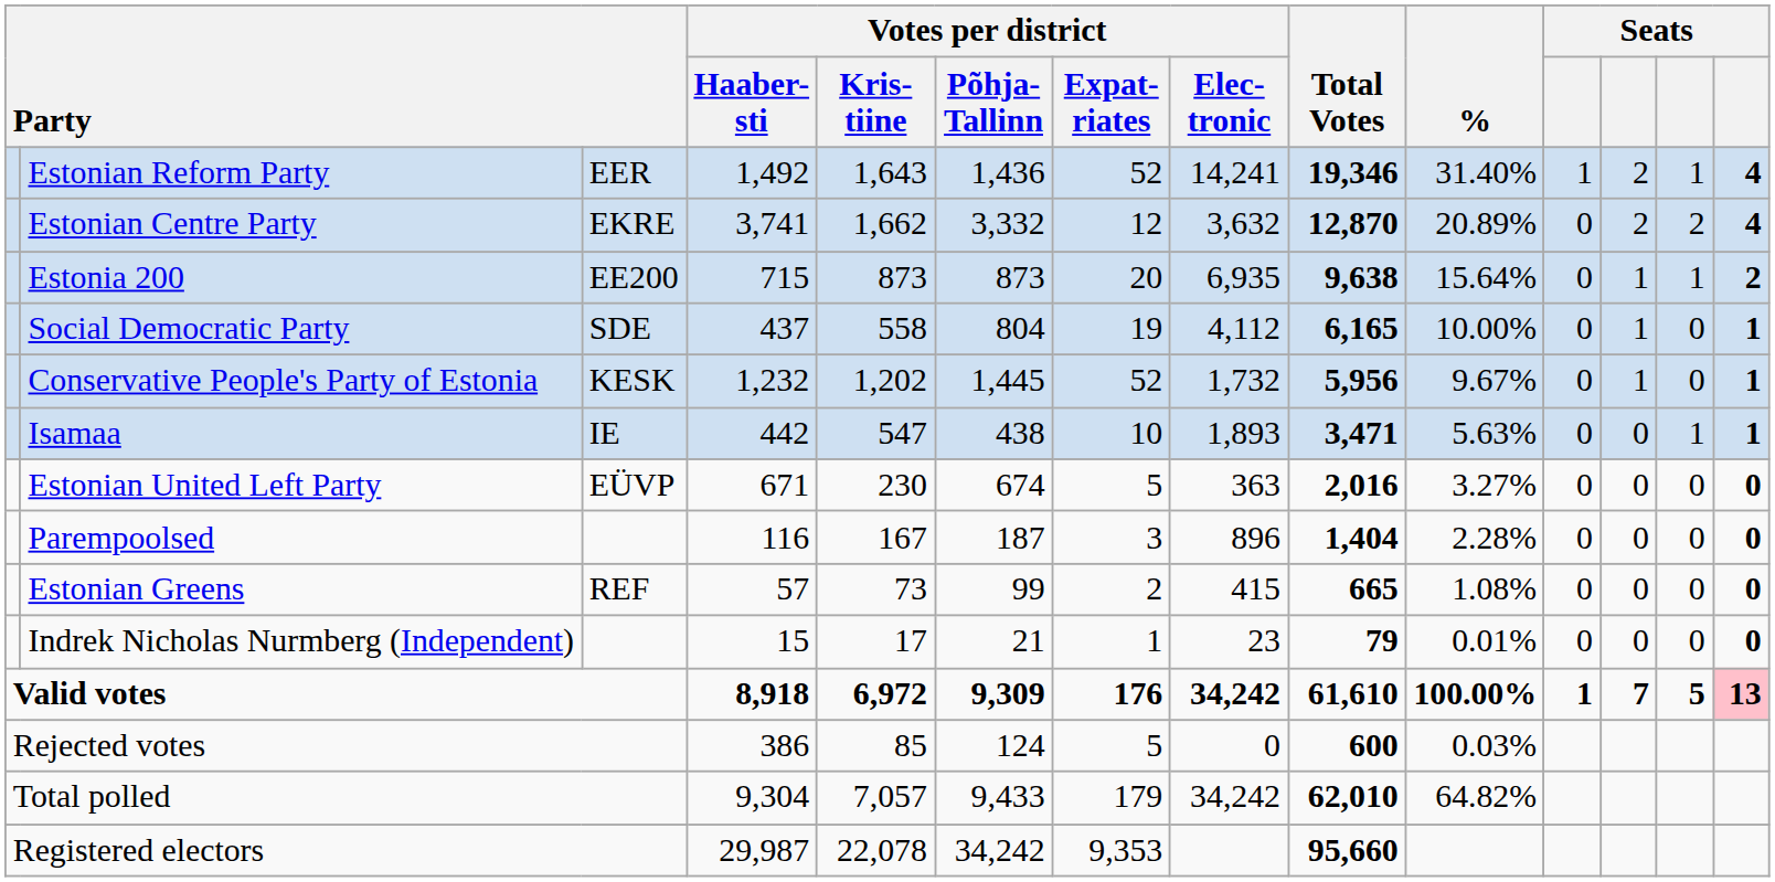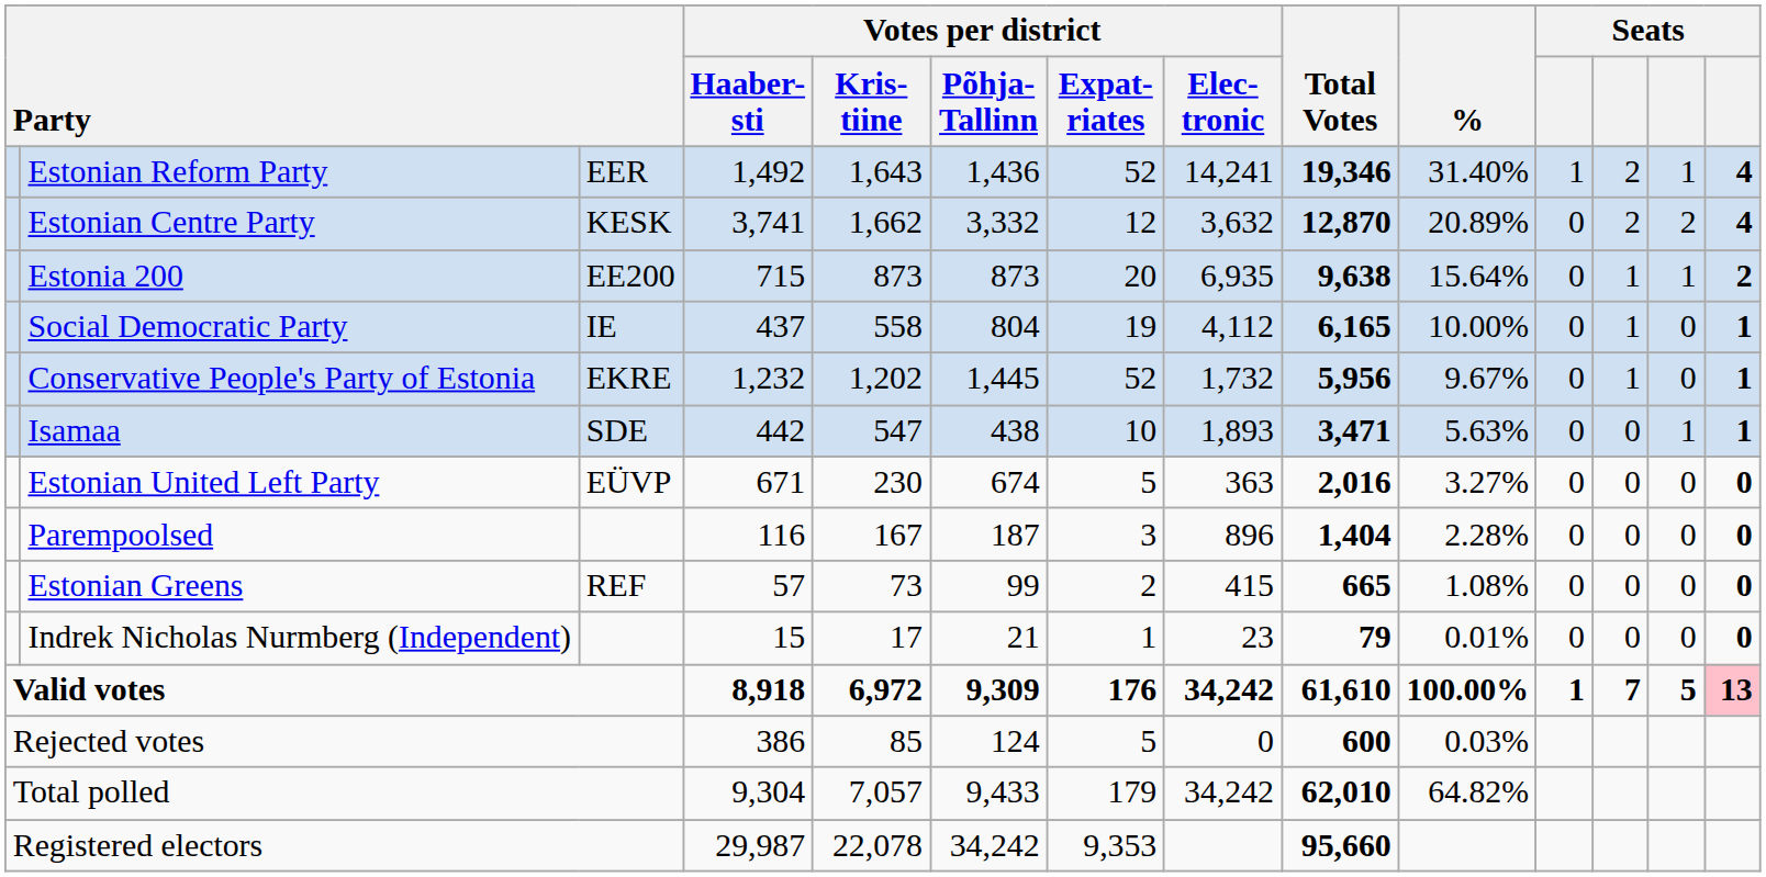 <table class="wikitable" border="1" style="text-align:right;">
 <tr>
 <th style="text-align:left;" valign=bottom rowspan=2 colspan=3>Party</th>
 <th colspan=5>Votes per district</th>
 <th align=center valign=bottom rowspan=2 width="50">Total Votes</th>
 <th align=center valign=bottom rowspan=2 width="50">%</th>
 <th colspan=4>Seats</th>
 </tr>
 <tr>
 <th align=center valign=bottom width="50"><a href='#'>Haaber- sti</a></th>
 <th align=center valign=bottom width="50"><a href='#'>Kris- tiine</a></th>
 <th align=center valign=bottom width="50"><a href='#'>Põhja- Tallinn</a></th>
 <th align=center valign=bottom width="50"><a href='#'>Expat- riates</a></th>
 <th align=center valign=bottom width="50"><a href='#'>Elec- tronic</a></th>
 <th align=center valign=bottom width="20"><small></small></th>
 <th align=center valign=bottom width="20"><small></small></th>
 <th align=center valign=bottom width="20"><small></small></th>
 <th align=center valign=bottom width="20"><small></small></th>
 </tr>
 <tr style="background:#CEE0F2;">
 <td style="background:"></td>
 <td align=left><a href='#'>Estonian Reform Party</a></td>
 <td align=left>EER</td>
 <td>1,492</td>
 <td>1,643</td>
 <td>1,436</td>
 <td>52</td>
 <td>14,241</td>
 <td><strong>19,346</strong></td>
 <td>31.40%</td>
 <td>1</td>
 <td>2</td>
 <td>1</td>
 <td><strong>4</strong></td>
 </tr>
 <tr style="background:#CEE0F2;">
 <td style="background:"></td>
 <td align=left><a href='#'>Estonian Centre Party</a></td>
-<td align=left>EKRE</td>
+<td align=left>KESK</td>
 <td>3,741</td>
 <td>1,662</td>
 <td>3,332</td>
 <td>12</td>
 <td>3,632</td>
 <td><strong>12,870</strong></td>
 <td>20.89%</td>
 <td>0</td>
 <td>2</td>
 <td>2</td>
 <td><strong>4</strong></td>
 </tr>
 <tr style="background:#CEE0F2;">
 <td style="background:"></td>
 <td align=left><a href='#'>Estonia 200</a></td>
 <td>EE200</td>
 <td>715</td>
 <td>873</td>
 <td>873</td>
 <td>20</td>
 <td>6,935</td>
 <td><strong>9,638</strong></td>
 <td>15.64%</td>
 <td>0</td>
 <td>1</td>
 <td>1</td>
 <td><strong>2</strong></td>
 </tr>
 <tr style="background:#CEE0F2;">
 <td style="background:"></td>
 <td align=left><a href='#'>Social Democratic Party</a></td>
-<td align=left>SDE</td>
+<td align=left>IE</td>
 <td>437</td>
 <td>558</td>
 <td>804</td>
 <td>19</td>
 <td>4,112</td>
 <td><strong>6,165</strong></td>
 <td>10.00%</td>
 <td>0</td>
 <td>1</td>
 <td>0</td>
 <td><strong>1</strong></td>
 </tr>
 <tr style="background:#CEE0F2;">
 <td style="background:"></td>
 <td align=left><a href='#'>Conservative People's Party of Estonia</a></td>
-<td align=left>KESK</td>
+<td align=left>EKRE</td>
 <td>1,232</td>
 <td>1,202</td>
 <td>1,445</td>
 <td>52</td>
 <td>1,732</td>
 <td><strong>5,956</strong></td>
 <td>9.67%</td>
 <td>0</td>
 <td>1</td>
 <td>0</td>
 <td><strong>1</strong></td>
 </tr>
 <tr style="background:#CEE0F2;">
 <td style="background:"></td>
 <td align=left><a href='#'>Isamaa</a></td>
-<td align=left>IE</td>
+<td align=left>SDE</td>
 <td>442</td>
 <td>547</td>
 <td>438</td>
 <td>10</td>
 <td>1,893</td>
 <td><strong>3,471</strong></td>
 <td>5.63%</td>
 <td>0</td>
 <td>0</td>
 <td>1</td>
 <td><strong>1</strong></td>
 </tr>
 <tr>
 <td style="background:"></td>
 <td align=left><a href='#'>Estonian United Left Party</a></td>
 <td align=left>EÜVP</td>
 <td>671</td>
 <td>230</td>
 <td>674</td>
 <td>5</td>
 <td>363</td>
 <td><strong>2,016</strong></td>
 <td>3.27%</td>
 <td>0</td>
 <td>0</td>
 <td>0</td>
 <td><strong>0</strong></td>
 </tr>
 <tr>
 <td style="background:"></td>
 <td align=left><a href='#'>Parempoolsed</a></td>
 <td align=left></td>
 <td>116</td>
 <td>167</td>
 <td>187</td>
 <td>3</td>
 <td>896</td>
 <td><strong>1,404</strong></td>
 <td>2.28%</td>
 <td>0</td>
 <td>0</td>
 <td>0</td>
 <td><strong>0</strong></td>
 </tr>
 <tr>
 <td style="background:"></td>
 <td align=left><a href='#'>Estonian Greens</a></td>
 <td align=left>REF</td>
 <td>57</td>
 <td>73</td>
 <td>99</td>
 <td>2</td>
 <td>415</td>
 <td><strong>665</strong></td>
 <td>1.08%</td>
 <td>0</td>
 <td>0</td>
 <td>0</td>
 <td><strong>0</strong></td>
 </tr>
 <tr>
 <td style="background:"></td>
 <td align=left>Indrek Nicholas Nurmberg (<a href='#'>Independent</a>)</td>
 <td></td>
 <td>15</td>
 <td>17</td>
 <td>21</td>
 <td>1</td>
 <td>23</td>
 <td><strong>79</strong></td>
 <td>0.01%</td>
 <td>0</td>
 <td>0</td>
 <td>0</td>
 <td><strong>0</strong></td>
 </tr>
 <tr style="font-weight:bold">
 <td align=left colspan=3>Valid votes</td>
 <td>8,918</td>
 <td>6,972</td>
 <td>9,309</td>
 <td>176</td>
 <td>34,242</td>
 <td>61,610</td>
 <td>100.00%</td>
 <td>1</td>
 <td>7</td>
 <td>5</td>
 <td style="background: pink;">13</td>
 </tr>
 <tr>
 <td align=left colspan=3>Rejected votes</td>
 <td>386</td>
 <td>85</td>
 <td>124</td>
 <td>5</td>
 <td>0</td>
 <td><strong>600</strong></td>
 <td>0.03%</td>
 <td></td>
 <td></td>
 <td></td>
 <td></td>
 </tr>
 <tr>
 <td align=left colspan=3>Total polled</td>
 <td>9,304</td>
 <td>7,057</td>
 <td>9,433</td>
 <td>179</td>
 <td>34,242</td>
 <td><strong>62,010</strong></td>
 <td>64.82%</td>
 <td></td>
 <td></td>
 <td></td>
 <td></td>
 </tr>
 <tr>
 <td align=left colspan=3>Registered electors</td>
 <td>29,987</td>
 <td>22,078</td>
 <td>34,242</td>
 <td>9,353</td>
 <td></td>
 <td><strong>95,660</strong></td>
 <td></td>
 <td></td>
 <td></td>
 <td></td>
 <td></td>
 </tr>
 </table>
